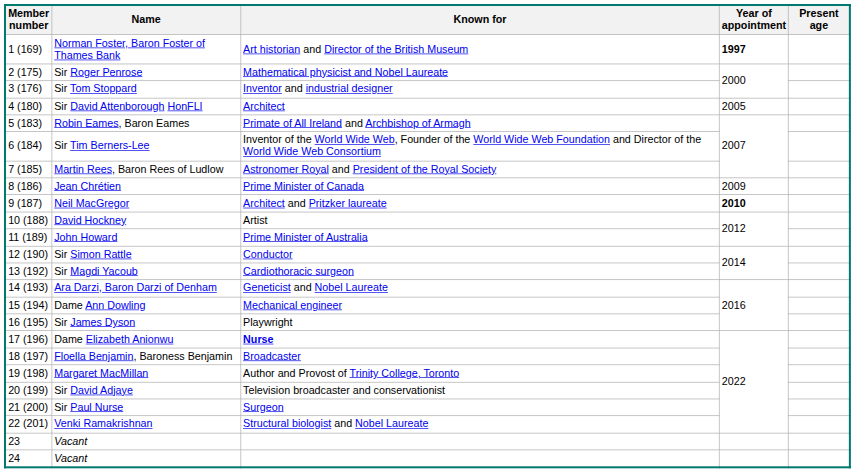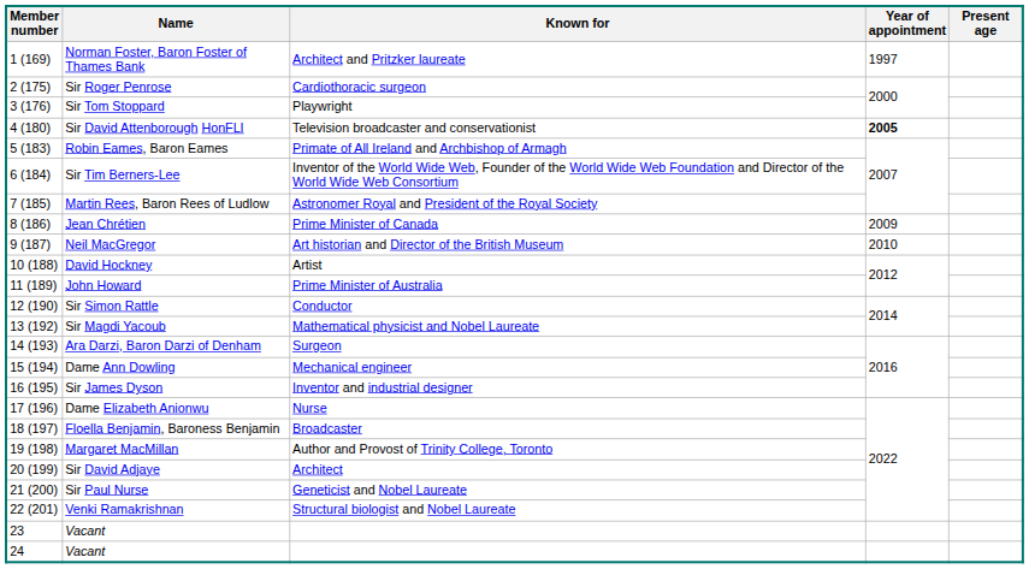 <table class="wikitable sortable" style="width:100%; background:white; border:#01796f solid;">
 <tr>
 <th>Member<br>number</th>
 <th>Name</th>
 <th>Known for</th>
 <th><strong>Year of</strong><br><strong>appointment</strong></th>
 <th><strong>Present age</strong></th>
 </tr>
 <tr>
 <td>1 (169)</td>
 <td><a href='#'>Norman Foster, Baron Foster of Thames Bank</a> </td>
-<td><a href='#'>Art historian</a> and <a href='#'>Director of the British Museum</a></td>
-<td><strong>1997</strong></td>
+<td><a href='#'>Architect</a> and <a href='#'>Pritzker laureate</a></td>
+<td>1997</td>
 <td></td>
 </tr>
 <tr>
 <td>2 (175)</td>
 <td>Sir <a href='#'>Roger Penrose</a> </td>
-<td><a href='#'>Mathematical physicist and Nobel Laureate</a></td>
+<td><a href='#'>Cardiothoracic surgeon</a></td>
 <td rowspan="2">2000</td>
 <td></td>
 </tr>
 <tr>
 <td>3 (176)</td>
 <td>Sir <a href='#'>Tom Stoppard</a> </td>
-<td><a href='#'>Inventor</a> and <a href='#'>industrial designer</a></td>
+<td>Playwright</td>
 <td></td>
 </tr>
 <tr>
 <td>4 (180)</td>
 <td>Sir <a href='#'>David Attenborough</a> <a href='#'>HonFLI</a></td>
-<td><a href='#'>Architect</a></td>
-<td>2005</td>
+<td>Television broadcaster and conservationist</td>
+<td><strong>2005</strong></td>
 <td></td>
 </tr>
 <tr>
 <td>5 (183)</td>
 <td><a href='#'>Robin Eames</a>, Baron Eames </td>
 <td><a href='#'>Primate of All Ireland</a> and <a href='#'>Archbishop of Armagh</a></td>
 <td rowspan="3">2007</td>
 <td></td>
 </tr>
 <tr>
 <td>6 (184)</td>
 <td>Sir <a href='#'>Tim Berners-Lee</a> </td>
 <td>Inventor of the <a href='#'>World Wide Web</a>, Founder of the <a href='#'>World Wide Web Foundation</a> and Director of the <a href='#'>World Wide Web Consortium</a></td>
 <td></td>
 </tr>
 <tr>
 <td>7 (185)</td>
 <td><a href='#'>Martin Rees</a>, Baron Rees of Ludlow </td>
 <td><a href='#'>Astronomer Royal</a> and <a href='#'>President of the Royal Society</a></td>
 <td></td>
 </tr>
 <tr>
 <td>8 (186)</td>
 <td><a href='#'>Jean Chrétien</a> </td>
 <td><a href='#'>Prime Minister of Canada</a></td>
 <td>2009</td>
 <td></td>
 </tr>
 <tr>
 <td>9 (187)</td>
 <td><a href='#'>Neil MacGregor</a> </td>
-<td><a href='#'>Architect</a> and <a href='#'>Pritzker laureate</a></td>
-<td><strong>2010</strong></td>
+<td><a href='#'>Art historian</a> and <a href='#'>Director of the British Museum</a></td>
+<td>2010</td>
 <td></td>
 </tr>
 <tr>
 <td>10 (188)</td>
 <td><a href='#'>David Hockney</a> </td>
 <td>Artist</td>
 <td rowspan="2">2012</td>
 <td></td>
 </tr>
 <tr>
 <td>11 (189)</td>
 <td><a href='#'>John Howard</a> </td>
 <td><a href='#'>Prime Minister of Australia</a></td>
 <td></td>
 </tr>
 <tr>
 <td>12 (190)</td>
 <td>Sir <a href='#'>Simon Rattle</a> </td>
 <td><a href='#'>Conductor</a></td>
 <td rowspan="2">2014</td>
 <td></td>
 </tr>
 <tr>
 <td>13 (192)</td>
 <td>Sir <a href='#'>Magdi Yacoub</a> </td>
-<td><a href='#'>Cardiothoracic surgeon</a></td>
+<td><a href='#'>Mathematical physicist and Nobel Laureate</a></td>
 <td></td>
 </tr>
 <tr>
 <td>14 (193)</td>
 <td><a href='#'>Ara Darzi, Baron Darzi of Denham</a> </td>
-<td><a href='#'>Geneticist</a> and <a href='#'>Nobel Laureate</a></td>
+<td><a href='#'>Surgeon</a></td>
 <td rowspan="3">2016</td>
 <td></td>
 </tr>
 <tr>
 <td>15 (194)</td>
 <td>Dame <a href='#'>Ann Dowling</a> </td>
 <td><a href='#'>Mechanical engineer</a></td>
 <td></td>
 </tr>
 <tr>
 <td>16 (195)</td>
 <td>Sir <a href='#'>James Dyson</a> </td>
-<td>Playwright</td>
+<td><a href='#'>Inventor</a> and <a href='#'>industrial designer</a></td>
 <td></td>
 </tr>
 <tr>
 <td>17 (196)</td>
 <td>Dame <a href='#'>Elizabeth Anionwu</a> </td>
-<td><strong><a href='#'>Nurse</a></strong></td>
+<td><a href='#'>Nurse</a></td>
 <td rowspan="6">2022</td>
 <td></td>
 </tr>
 <tr>
 <td>18 (197)</td>
 <td><a href='#'>Floella Benjamin</a>, Baroness Benjamin </td>
 <td><a href='#'>Broadcaster</a></td>
 <td></td>
 </tr>
 <tr>
 <td>19 (198)</td>
 <td><a href='#'>Margaret MacMillan</a> </td>
 <td>Author and Provost of <a href='#'>Trinity College, Toronto</a></td>
 <td></td>
 </tr>
 <tr>
 <td>20 (199)</td>
 <td>Sir <a href='#'>David Adjaye</a> </td>
-<td>Television broadcaster and conservationist</td>
+<td><a href='#'>Architect</a></td>
 <td></td>
 </tr>
 <tr>
 <td>21 (200)</td>
 <td>Sir <a href='#'>Paul Nurse</a> </td>
-<td><a href='#'>Surgeon</a></td>
+<td><a href='#'>Geneticist</a> and <a href='#'>Nobel Laureate</a></td>
 <td></td>
 </tr>
 <tr>
 <td>22 (201)</td>
 <td><a href='#'>Venki Ramakrishnan</a></td>
 <td><a href='#'>Structural biologist</a> and <a href='#'>Nobel Laureate</a></td>
 <td></td>
 </tr>
 <tr>
 <td>23</td>
 <td><em>Vacant</em></td>
 <td></td>
 <td></td>
 <td></td>
 </tr>
 <tr>
 <td>24</td>
 <td><em>Vacant</em></td>
 <td></td>
 <td></td>
 <td></td>
 </tr>
 </table>
